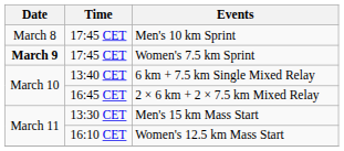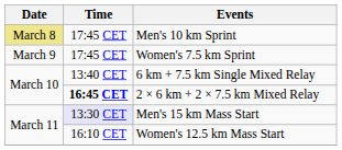 <table class="wikitable" style="text-align: center" width="420">
 <tr>
 <th>Date</th>
 <th>Time</th>
 <th>Events</th>
 </tr>
 <tr>
-<td>March 8</td>
+<td style="background: khaki;">March 8</td>
 <td>17:45 <a href='#'>CET</a></td>
 <td style="text-align: left">Men's 10 km Sprint</td>
 </tr>
 <tr>
-<td><strong>March 9</strong></td>
+<td>March 9</td>
 <td>17:45 <a href='#'>CET</a></td>
 <td style="text-align: left">Women's 7.5 km Sprint</td>
 </tr>
 <tr>
 <td rowspan=2>March 10</td>
 <td>13:40 <a href='#'>CET</a></td>
 <td style="text-align: left">6 km + 7.5 km Single Mixed Relay</td>
 </tr>
 <tr>
-<td>16:45 <a href='#'>CET</a></td>
+<td><strong>16:45 <a href='#'>CET</a></strong></td>
 <td style="text-align: left">2 × 6 km + 2 × 7.5 km Mixed Relay</td>
 </tr>
 <tr>
 <td rowspan=2>March 11</td>
-<td>13:30 <a href='#'>CET</a></td>
+<td style="background: lavender;">13:30 <a href='#'>CET</a></td>
 <td style="text-align: left">Men's 15 km Mass Start</td>
 </tr>
 <tr>
 <td>16:10 <a href='#'>CET</a></td>
 <td style="text-align: left">Women's 12.5 km Mass Start</td>
 </tr>
 <tr>
 </tr>
 </table>
